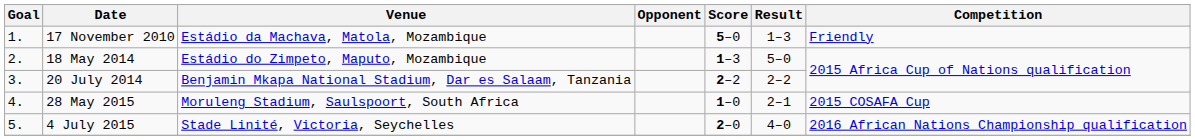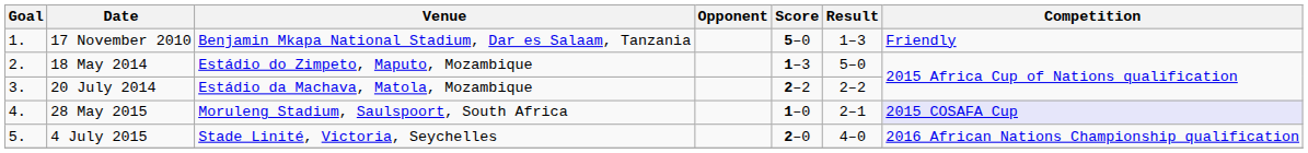 <table class="wikitable plainrowheaders sortable">
 <tr>
 <th>Goal</th>
 <th>Date</th>
 <th>Venue</th>
 <th>Opponent</th>
 <th>Score</th>
 <th>Result</th>
 <th>Competition</th>
 </tr>
 <tr>
 <td>1.</td>
 <td>17 November 2010</td>
-<td><a href='#'>Estádio da Machava</a>, <a href='#'>Matola</a>, Mozambique</td>
+<td><a href='#'>Benjamin Mkapa National Stadium</a>, <a href='#'>Dar es Salaam</a>, Tanzania</td>
 <td></td>
 <td align=center><strong>5</strong>–0</td>
 <td align=center>1–3</td>
 <td><a href='#'>Friendly</a></td>
 </tr>
 <tr>
 <td>2.</td>
 <td>18 May 2014</td>
 <td><a href='#'>Estádio do Zimpeto</a>, <a href='#'>Maputo</a>, Mozambique</td>
 <td></td>
 <td align=center><strong>1</strong>–3</td>
 <td align=center>5–0</td>
 <td rowspan=2><a href='#'>2015 Africa Cup of Nations qualification</a></td>
 </tr>
 <tr>
 <td>3.</td>
 <td>20 July 2014</td>
-<td><a href='#'>Benjamin Mkapa National Stadium</a>, <a href='#'>Dar es Salaam</a>, Tanzania</td>
+<td><a href='#'>Estádio da Machava</a>, <a href='#'>Matola</a>, Mozambique</td>
 <td></td>
 <td align=center><strong>2</strong>–2</td>
 <td align=center>2–2</td>
 </tr>
 <tr>
 <td>4.</td>
 <td>28 May 2015</td>
 <td><a href='#'>Moruleng Stadium</a>, <a href='#'>Saulspoort</a>, South Africa</td>
 <td></td>
 <td align=center><strong>1</strong>–0</td>
 <td align=center>2–1</td>
-<td><a href='#'>2015 COSAFA Cup</a></td>
+<td style="background: lavender;"><a href='#'>2015 COSAFA Cup</a></td>
 </tr>
 <tr>
 <td>5.</td>
 <td>4 July 2015</td>
 <td><a href='#'>Stade Linité</a>, <a href='#'>Victoria</a>, Seychelles</td>
 <td></td>
 <td align=center><strong>2</strong>–0</td>
 <td align=center>4–0</td>
 <td><a href='#'>2016 African Nations Championship qualification</a></td>
 </tr>
 <tr>
 </tr>
 </table>
